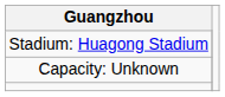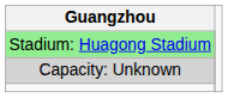 <table class="wikitable" style="text-align:center">
 <tr>
 <th colspan="2">Guangzhou</th>
 <td rowspan=4></td>
 </tr>
 <tr>
-<td>Stadium: <a href='#'>Huagong Stadium</a></td>
+<td style="background: lightgreen;">Stadium: <a href='#'>Huagong Stadium</a></td>
 </tr>
 <tr>
-<td>Capacity: Unknown</td>
+<td style="background: lightgrey;">Capacity: Unknown</td>
 </tr>
 <tr>
 <td></td>
 </tr>
 </table>
